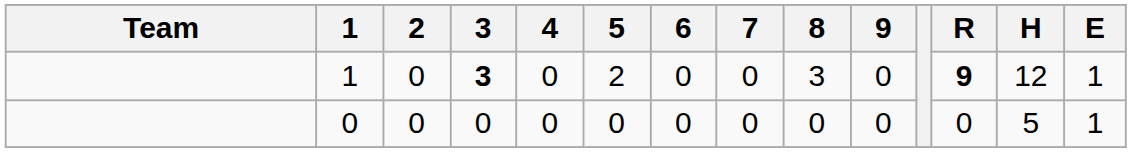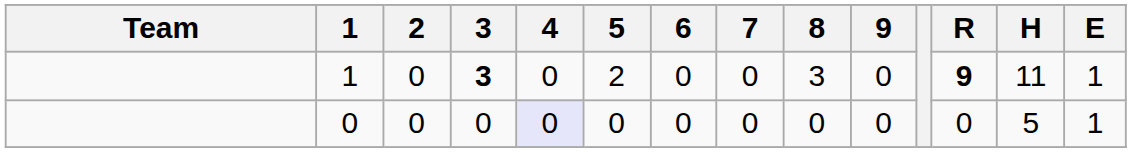 <table border=1 cellspacing=0 width=600 style="margin-left:3em;" class="wikitable">
 <tr style="text-align:center; background-color:#e6e6e6;">
 <th align=left width=28%>Team</th>
 <th width=6%>1</th>
 <th width=6%>2</th>
 <th width=6%>3</th>
 <th width=6%>4</th>
 <th width=6%>5</th>
 <th width=6%>6</th>
 <th width=6%>7</th>
 <th width=6%>8</th>
 <th width=6%>9</th>
 <th rowspan="3" width=0.5%></th>
 <th width=6%>R</th>
 <th width=6%>H</th>
 <th width=6%>E</th>
 </tr>
 <tr style="text-align:center;">
 <td align=left></td>
 <td>1</td>
 <td>0</td>
 <td><strong>3</strong></td>
 <td>0</td>
 <td>2</td>
 <td>0</td>
 <td>0</td>
 <td>3</td>
 <td>0</td>
 <td><strong>9</strong></td>
-<td>12</td>
+<td>11</td>
 <td>1</td>
 </tr>
 <tr style="text-align:center;">
 <td align=left></td>
 <td>0</td>
 <td>0</td>
 <td>0</td>
-<td>0</td>
+<td style="background: lavender;">0</td>
 <td>0</td>
 <td>0</td>
 <td>0</td>
 <td>0</td>
 <td>0</td>
 <td>0</td>
 <td>5</td>
 <td>1</td>
 </tr>
 </table>
